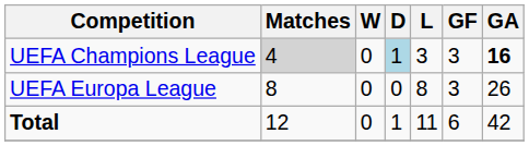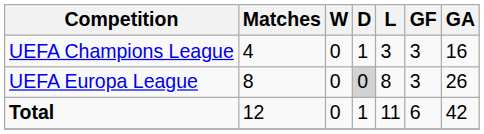 <table class="wikitable">
 <tr>
 <th>Competition</th>
 <th>Matches</th>
 <th>W</th>
 <th>D</th>
 <th>L</th>
 <th>GF</th>
 <th>GA</th>
 </tr>
 <tr>
 <td><a href='#'>UEFA Champions League</a></td>
-<td style="background: lightgrey;">4</td>
+<td>4</td>
 <td>0</td>
-<td style="background: lightblue;">1</td>
+<td>1</td>
 <td>3</td>
 <td>3</td>
-<td><strong>16</strong></td>
+<td>16</td>
 </tr>
 <tr>
 <td><a href='#'>UEFA Europa League</a></td>
 <td>8</td>
 <td>0</td>
-<td>0</td>
+<td style="background: lightgrey;">0</td>
 <td>8</td>
 <td>3</td>
 <td>26</td>
 </tr>
 <tr>
 <td><strong>Total</strong></td>
 <td>12</td>
 <td>0</td>
 <td>1</td>
 <td>11</td>
 <td>6</td>
 <td>42</td>
 </tr>
 <tr>
 </tr>
 </table>
